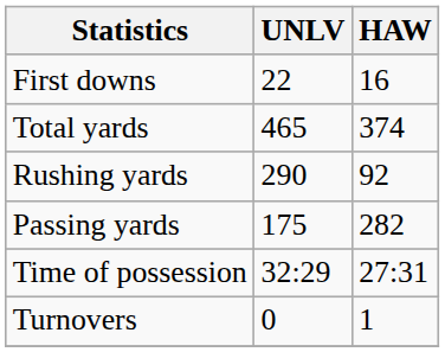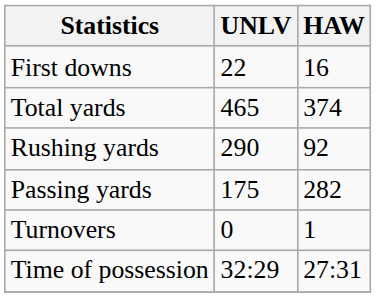 <table class="wikitable" style="float: left;">
 <tr>
 <th>Statistics</th>
 <th>UNLV</th>
 <th>HAW</th>
 </tr>
 <tr>
 <td>First downs</td>
 <td>22</td>
 <td>16</td>
 </tr>
 <tr>
 <td>Total yards</td>
 <td>465</td>
 <td>374</td>
 </tr>
 <tr>
 <td>Rushing yards</td>
 <td>290</td>
 <td>92</td>
 </tr>
 <tr>
 <td>Passing yards</td>
 <td>175</td>
 <td>282</td>
 </tr>
 <tr>
+<td>Turnovers</td>
+<td>0</td>
+<td>1</td>
+</tr>
+<tr>
 <td>Time of possession</td>
 <td>32:29</td>
 <td>27:31</td>
 </tr>
 <tr>
-<td>Turnovers</td>
-<td>0</td>
-<td>1</td>
-</tr>
-<tr>
 </tr>
 </table>
